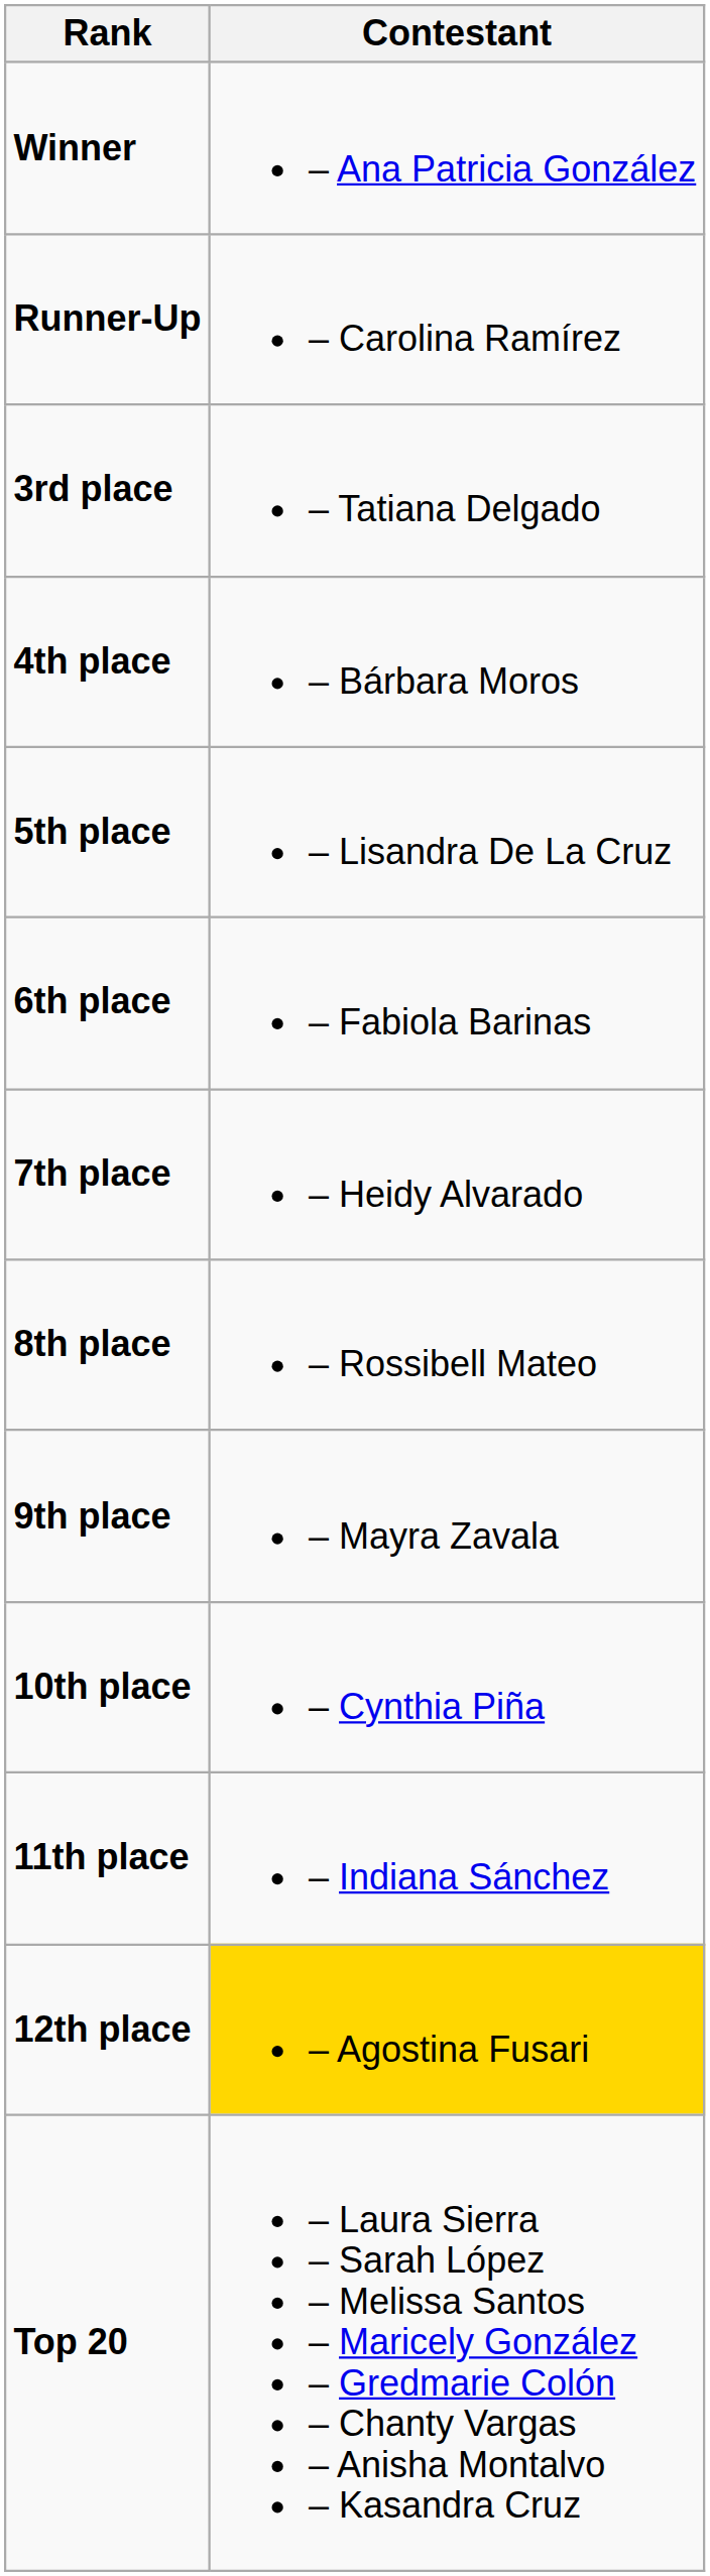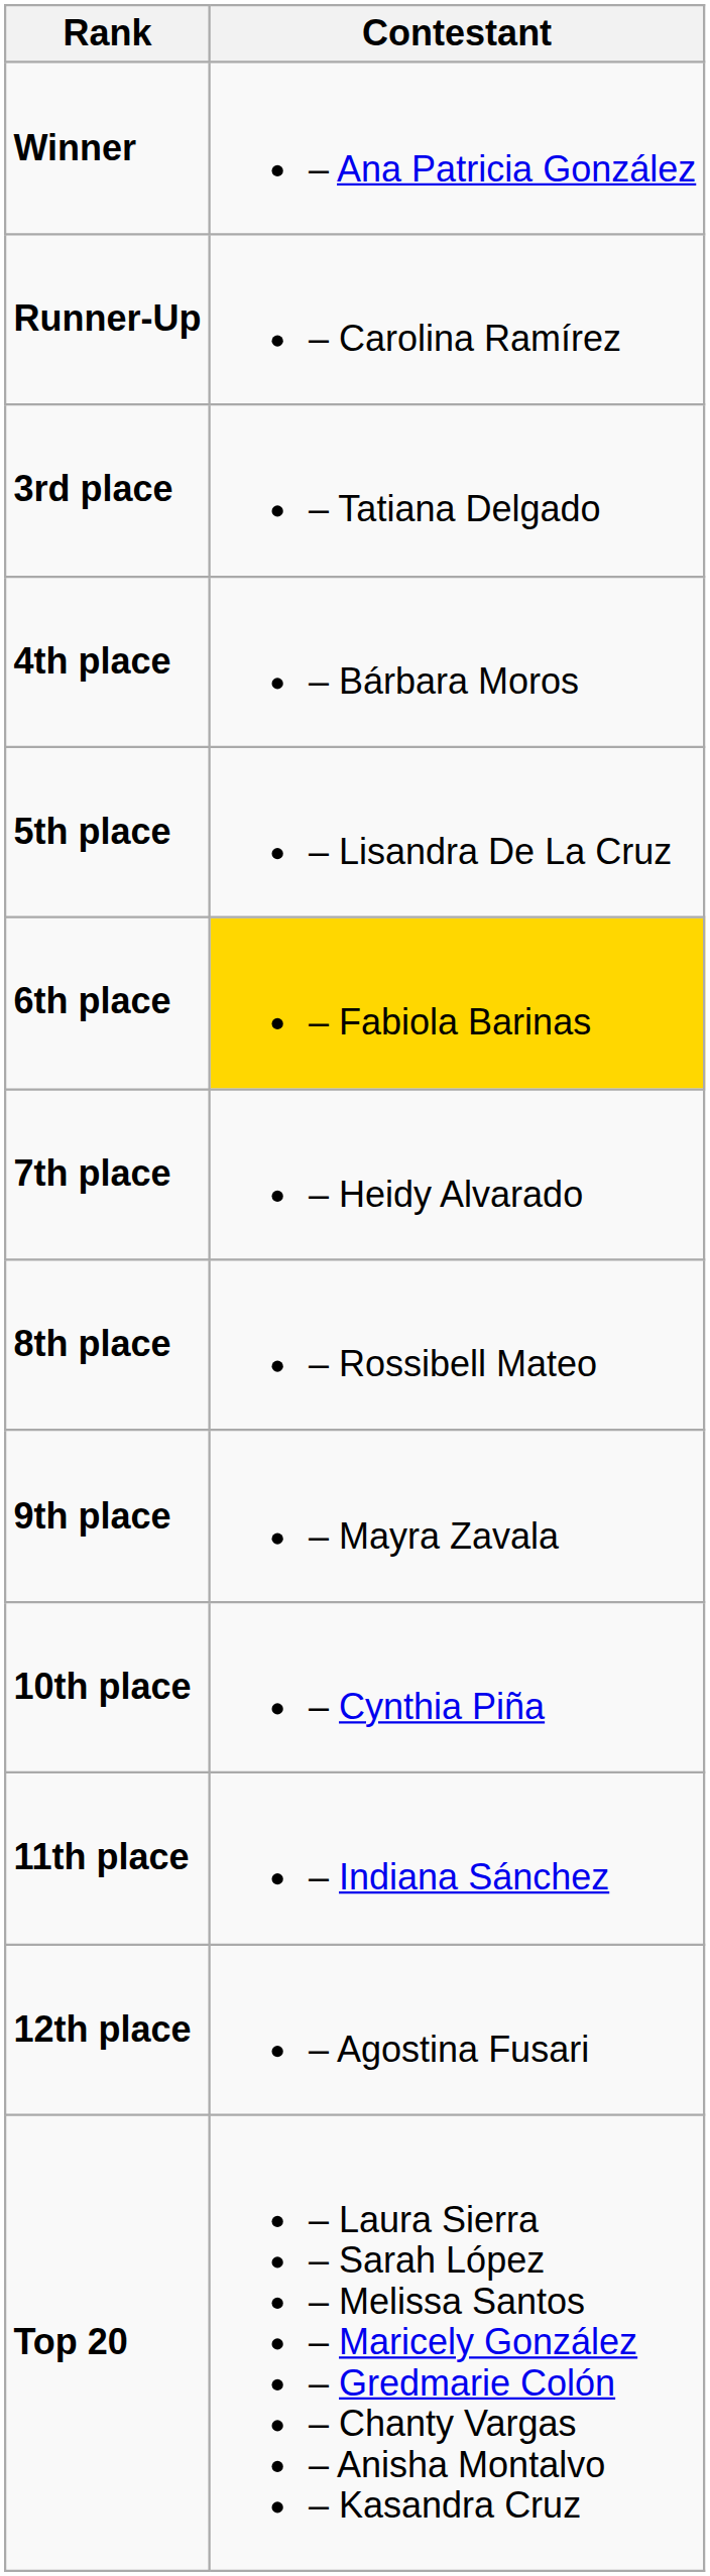 <table class="wikitable">
 <tr>
 <th>Rank</th>
 <th colspan="2">Contestant</th>
 </tr>
 <tr>
 <td><strong>Winner</strong></td>
 <td><br><ul><li><strong></strong> – <a href='#'>Ana Patricia González</a></li></ul></td>
 </tr>
 <tr>
 <td><strong>Runner-Up</strong></td>
 <td><br><ul><li><strong></strong> – Carolina Ramírez</li></ul></td>
 </tr>
 <tr>
 <td><strong>3rd place</strong></td>
 <td><br><ul><li><strong></strong> – Tatiana Delgado</li></ul></td>
 </tr>
 <tr>
 <td><strong>4th place</strong></td>
 <td><br><ul><li><strong></strong> – Bárbara Moros</li></ul></td>
 </tr>
 <tr>
 <td><strong>5th place</strong></td>
 <td><br><ul><li><strong></strong> – Lisandra De La Cruz</li></ul></td>
 </tr>
 <tr>
 <td><strong>6th place</strong></td>
-<td><br><ul><li><strong></strong> – Fabiola Barinas</li></ul></td>
+<td style="background: gold;"><br><ul><li><strong></strong> – Fabiola Barinas</li></ul></td>
 </tr>
 <tr>
 <td><strong>7th place</strong></td>
 <td><br><ul><li><strong></strong> – Heidy Alvarado</li></ul></td>
 </tr>
 <tr>
 <td><strong>8th place</strong></td>
 <td><br><ul><li><strong></strong> – Rossibell Mateo</li></ul></td>
 </tr>
 <tr>
 <td><strong>9th place</strong></td>
 <td><br><ul><li><strong></strong> – Mayra Zavala</li></ul></td>
 </tr>
 <tr>
 <td><strong>10th place</strong></td>
 <td><br><ul><li><strong></strong> – <a href='#'>Cynthia Piña</a></li></ul></td>
 </tr>
 <tr>
 <td><strong>11th place</strong></td>
 <td><br><ul><li><strong></strong> – <a href='#'>Indiana Sánchez</a></li></ul></td>
 </tr>
 <tr>
 <td><strong>12th place</strong></td>
-<td style="background: gold;"><br><ul><li><strong></strong> – Agostina Fusari</li></ul></td>
+<td><br><ul><li><strong></strong> – Agostina Fusari</li></ul></td>
 </tr>
 <tr>
 <td><strong> Top 20</strong></td>
 <td><br><ul><li><strong></strong> – Laura Sierra</li><li><strong></strong> – Sarah López</li><li><strong></strong> – Melissa Santos</li><li><strong></strong> – <a href='#'>Maricely González</a></li><li><strong></strong> – <a href='#'>Gredmarie Colón</a></li><li><strong></strong> – Chanty Vargas</li><li><strong></strong> – Anisha Montalvo</li><li><strong></strong> – Kasandra Cruz</li></ul></td>
 </tr>
 </table>
